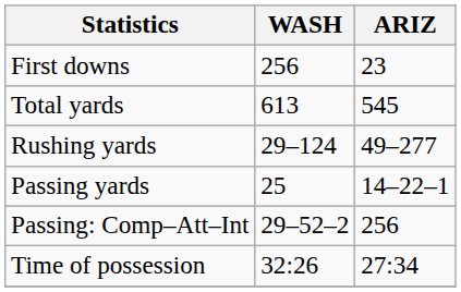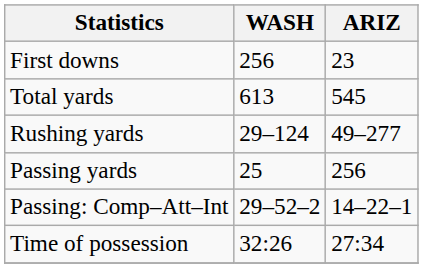 <table class="wikitable" style="float: left;">
 <tr>
 <th>Statistics</th>
 <th>WASH</th>
 <th>ARIZ</th>
 </tr>
 <tr>
 <td>First downs</td>
 <td>256</td>
 <td>23</td>
 </tr>
 <tr>
 <td>Total yards</td>
 <td>613</td>
 <td>545</td>
 </tr>
 <tr>
 <td>Rushing yards</td>
 <td>29–124</td>
 <td>49–277</td>
 </tr>
 <tr>
 <td>Passing yards</td>
 <td>25</td>
-<td>14–22–1</td>
+<td>256</td>
 </tr>
 <tr>
 <td>Passing: Comp–Att–Int</td>
 <td>29–52–2</td>
-<td>256</td>
+<td>14–22–1</td>
 </tr>
 <tr>
 <td>Time of possession</td>
 <td>32:26</td>
 <td>27:34</td>
 </tr>
 <tr>
 </tr>
 </table>
